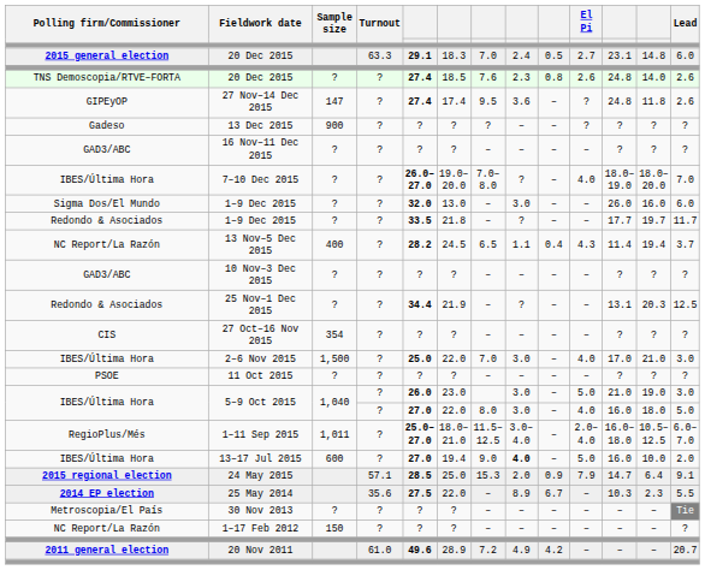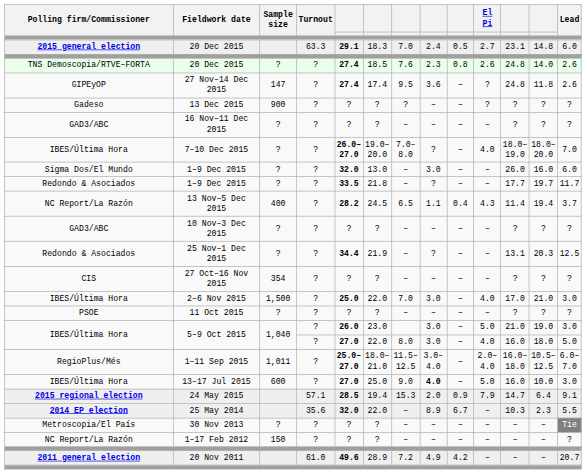 <table class="wikitable collapsible collapsed" style="text-align:center; font-size:95%; line-height:16px;">
 <tr style="height:42px; background-color:#E9E9E9">
 <th style="width:250px;" rowspan="2">Polling firm/Commissioner</th>
 <th style="width:125px;" rowspan="2">Fieldwork date</th>
 <th style="width:50px;" rowspan="2">Sample size</th>
 <th style="width:45px;" rowspan="2">Turnout</th>
 <th style="width:35px;"></th>
 <th style="width:35px;"></th>
 <th style="width:35px;"></th>
 <th style="width:35px;"></th>
 <th style="width:35px;"></th>
 <th style="width:35px;"><a href='#'>El Pi</a></th>
 <th style="width:35px;"></th>
 <th style="width:35px;"></th>
 <th style="width:30px;" rowspan="2">Lead</th>
 </tr>
 <tr>
 <th style="color:inherit;background:"></th>
 <th style="color:inherit;background:"></th>
 <th style="color:inherit;background:"></th>
 <th style="color:inherit;background:"></th>
 <th style="color:inherit;background:"></th>
 <th style="color:inherit;background:"></th>
 <th style="color:inherit;background:"></th>
 <th style="color:inherit;background:"></th>
 </tr>
 <tr>
 <td colspan="13" style="background:#A0A0A0"></td>
 </tr>
 <tr style="background:#EFEFEF;">
 <td><strong><a href='#'>2015 general election</a></strong></td>
 <td>20 Dec 2015</td>
 <td></td>
 <td>63.3</td>
 <td><strong>29.1</strong><br></td>
 <td>18.3<br></td>
 <td>7.0<br></td>
 <td>2.4<br></td>
 <td>0.5<br></td>
 <td>2.7<br></td>
 <td>23.1<br></td>
 <td>14.8<br></td>
 <td style="background:">6.0</td>
 </tr>
 <tr>
 <td colspan="13" style="background:#A0A0A0"></td>
 </tr>
 <tr style="background:#EAFFEA;">
 <td>TNS Demoscopia/RTVE–FORTA</td>
 <td>20 Dec 2015</td>
 <td>?</td>
 <td>?</td>
 <td><strong>27.4</strong><br></td>
 <td>18.5<br></td>
 <td>7.6<br></td>
 <td>2.3<br></td>
 <td>0.8<br></td>
 <td>2.6<br></td>
 <td>24.8<br></td>
 <td>14.0<br></td>
 <td style="background:">2.6</td>
 </tr>
 <tr>
 <td>GIPEyOP</td>
 <td>27 Nov–14 Dec 2015</td>
 <td>147</td>
 <td>?</td>
 <td><strong>27.4</strong><br></td>
 <td>17.4<br></td>
 <td>9.5<br></td>
 <td>3.6<br></td>
 <td>–</td>
 <td>?<br></td>
 <td>24.8<br></td>
 <td>11.8<br></td>
 <td style="background:">2.6</td>
 </tr>
 <tr>
 <td>Gadeso</td>
 <td>13 Dec 2015</td>
 <td>900</td>
 <td>?</td>
 <td>?<br></td>
 <td>?<br></td>
 <td>?<br></td>
 <td>–</td>
 <td>–</td>
 <td>?<br></td>
 <td>?<br></td>
 <td>?<br></td>
 <td style="background:">?</td>
 </tr>
 <tr>
 <td>GAD3/ABC</td>
 <td>16 Nov–11 Dec 2015</td>
 <td>?</td>
 <td>?</td>
 <td>?<br></td>
 <td>?<br></td>
 <td>–</td>
 <td>–</td>
 <td>–</td>
 <td>–</td>
 <td>?<br></td>
 <td>?<br></td>
 <td style="background:">?</td>
 </tr>
 <tr>
 <td>IBES/Última Hora</td>
 <td>7–10 Dec 2015</td>
 <td>?</td>
 <td>?</td>
 <td><strong>26.0–<br>27.0</strong><br></td>
 <td>19.0–<br>20.0<br></td>
 <td>7.0–<br>8.0<br></td>
 <td>?<br></td>
 <td>–</td>
 <td>4.0<br></td>
 <td>18.0–<br>19.0<br></td>
 <td>18.0–<br>20.0<br></td>
 <td style="background:">7.0</td>
 </tr>
 <tr>
 <td>Sigma Dos/El Mundo</td>
 <td>1–9 Dec 2015</td>
 <td>?</td>
 <td>?</td>
 <td><strong>32.0</strong><br></td>
 <td>13.0<br></td>
 <td>–</td>
 <td>3.0<br></td>
 <td>–</td>
 <td>–</td>
 <td>26.0<br></td>
 <td>16.0<br></td>
 <td style="background:">6.0</td>
 </tr>
 <tr>
 <td>Redondo & Asociados</td>
 <td>1–9 Dec 2015</td>
 <td>?</td>
 <td>?</td>
 <td><strong>33.5</strong><br></td>
 <td>21.8<br></td>
 <td>–</td>
 <td>?<br></td>
 <td>–</td>
 <td>–</td>
 <td>17.7<br></td>
 <td>19.7<br></td>
 <td style="background:">11.7</td>
 </tr>
 <tr>
 <td>NC Report/La Razón</td>
 <td>13 Nov–5 Dec 2015</td>
 <td>400</td>
 <td>?</td>
 <td><strong>28.2</strong><br></td>
 <td>24.5<br></td>
 <td>6.5<br></td>
 <td>1.1<br></td>
 <td>0.4<br></td>
 <td>4.3<br></td>
 <td>11.4<br></td>
 <td>19.4<br></td>
 <td style="background:">3.7</td>
 </tr>
 <tr>
 <td>GAD3/ABC</td>
 <td>10 Nov–3 Dec 2015</td>
 <td>?</td>
 <td>?</td>
 <td>?<br></td>
 <td>?<br></td>
 <td>–</td>
 <td>–</td>
 <td>–</td>
 <td>–</td>
 <td>?<br></td>
 <td>?<br></td>
 <td style="background:">?</td>
 </tr>
 <tr>
 <td>Redondo & Asociados</td>
 <td>25 Nov–1 Dec 2015</td>
 <td>?</td>
 <td>?</td>
 <td><strong>34.4</strong><br></td>
 <td>21.9<br></td>
 <td>–</td>
 <td>?<br></td>
 <td>–</td>
 <td>–</td>
 <td>13.1<br></td>
 <td>20.3<br></td>
 <td style="background:">12.5</td>
 </tr>
 <tr>
 <td>CIS</td>
 <td>27 Oct–16 Nov 2015</td>
 <td>354</td>
 <td>?</td>
 <td>?<br></td>
 <td>?<br></td>
 <td>–</td>
 <td>–</td>
 <td>–</td>
 <td>–</td>
 <td>?<br></td>
 <td>?<br></td>
 <td style="background:">?</td>
 </tr>
 <tr>
 <td>IBES/Última Hora</td>
 <td>2–6 Nov 2015</td>
 <td>1,500</td>
 <td>?</td>
 <td><strong>25.0</strong><br></td>
 <td>22.0<br></td>
 <td>7.0<br></td>
 <td>3.0<br></td>
 <td>–</td>
 <td>4.0<br></td>
 <td>17.0<br></td>
 <td>21.0<br></td>
 <td style="background:">3.0</td>
 </tr>
 <tr>
 <td>PSOE</td>
 <td>11 Oct 2015</td>
 <td>?</td>
 <td>?</td>
 <td>?<br></td>
 <td>?<br></td>
 <td>–</td>
 <td>–</td>
 <td>–</td>
 <td>–</td>
 <td>?<br></td>
 <td>?<br></td>
 <td style="background:">?</td>
 </tr>
 <tr>
 <td rowspan="2">IBES/Última Hora</td>
 <td rowspan="2">5–9 Oct 2015</td>
 <td rowspan="2">1,040</td>
 <td>?</td>
 <td><strong>26.0</strong><br></td>
 <td>23.0<br></td>
 <td></td>
 <td>3.0<br></td>
 <td>–</td>
 <td>5.0<br></td>
 <td>21.0<br></td>
 <td>19.0<br></td>
 <td style="background:">3.0</td>
 </tr>
 <tr>
 <td>?</td>
 <td><strong>27.0</strong><br></td>
 <td>22.0<br></td>
 <td>8.0<br></td>
 <td>3.0<br></td>
 <td>–</td>
 <td>4.0<br></td>
 <td>16.0<br></td>
 <td>18.0<br></td>
 <td style="background:">5.0</td>
 </tr>
 <tr>
 <td>RegioPlus/Més</td>
 <td>1–11 Sep 2015</td>
 <td>1,011</td>
 <td>?</td>
 <td><strong>25.0–<br>27.0</strong><br></td>
 <td>18.0–<br>21.0<br></td>
 <td>11.5–<br>12.5<br></td>
 <td>3.0–<br>4.0<br></td>
 <td>–</td>
 <td>2.0–<br>4.0<br></td>
 <td>16.0–<br>18.0<br></td>
 <td>10.5–<br>12.5<br></td>
 <td style="background:">6.0–<br>7.0</td>
 </tr>
 <tr>
 <td>IBES/Última Hora</td>
 <td>13–17 Jul 2015</td>
 <td>600</td>
 <td>?</td>
 <td><strong>27.0</strong><br></td>
-<td>19.4<br></td>
+<td>25.0<br></td>
 <td>9.0<br></td>
 <td><strong>4.0<br></strong></td>
 <td>–</td>
 <td>5.0<br></td>
 <td>16.0<br></td>
 <td>10.0<br></td>
-<td style="background:">2.0</td>
+<td style="background:">3.0</td>
 </tr>
 <tr style="background:#EFEFEF;">
 <td><strong><a href='#'>2015 regional election</a></strong></td>
 <td>24 May 2015</td>
 <td></td>
 <td>57.1</td>
 <td><strong>28.5</strong><br></td>
-<td>25.0<br></td>
+<td>19.4<br></td>
 <td>15.3<br></td>
 <td>2.0<br></td>
 <td>0.9<br></td>
 <td>7.9<br></td>
 <td>14.7<br></td>
 <td>6.4<br></td>
 <td style="background:">9.1</td>
 </tr>
 <tr style="background:#EFEFEF;">
 <td><strong><a href='#'>2014 EP election</a></strong></td>
 <td>25 May 2014</td>
 <td></td>
 <td>35.6</td>
-<td><strong>27.5</strong><br></td>
+<td><strong>32.0</strong><br></td>
 <td>22.0<br></td>
 <td>–</td>
 <td>8.9<br></td>
 <td>6.7<br></td>
 <td>–</td>
 <td>10.3<br></td>
 <td>2.3<br></td>
 <td style="background:">5.5</td>
 </tr>
 <tr>
 <td>Metroscopia/El País</td>
 <td>30 Nov 2013</td>
 <td>?</td>
 <td>?</td>
 <td>?<br></td>
 <td>?<br></td>
 <td>–</td>
 <td>–</td>
 <td>–</td>
 <td>–</td>
 <td>–</td>
 <td>–</td>
 <td style="background:gray;color:white;">Tie</td>
 </tr>
 <tr>
 <td>NC Report/La Razón</td>
 <td>1–17 Feb 2012</td>
 <td>150</td>
 <td>?</td>
 <td>?<br></td>
 <td>?<br></td>
 <td>–</td>
 <td>–</td>
 <td>–</td>
 <td>–</td>
 <td>–</td>
 <td>–</td>
 <td style="background:">?</td>
 </tr>
 <tr>
 <td colspan="13" style="background:#A0A0A0"></td>
 </tr>
 <tr style="background:#EFEFEF;">
 <td><strong><a href='#'>2011 general election</a></strong></td>
 <td>20 Nov 2011</td>
 <td></td>
 <td>61.0</td>
 <td><strong>49.6</strong><br></td>
 <td>28.9<br></td>
 <td>7.2<br></td>
 <td>4.9<br></td>
 <td>4.2<br></td>
 <td>–</td>
 <td>–</td>
 <td>–</td>
 <td style="background:">20.7</td>
 </tr>
 <tr>
 <td colspan="13" style="background:#A0A0A0"></td>
 </tr>
 </table>
